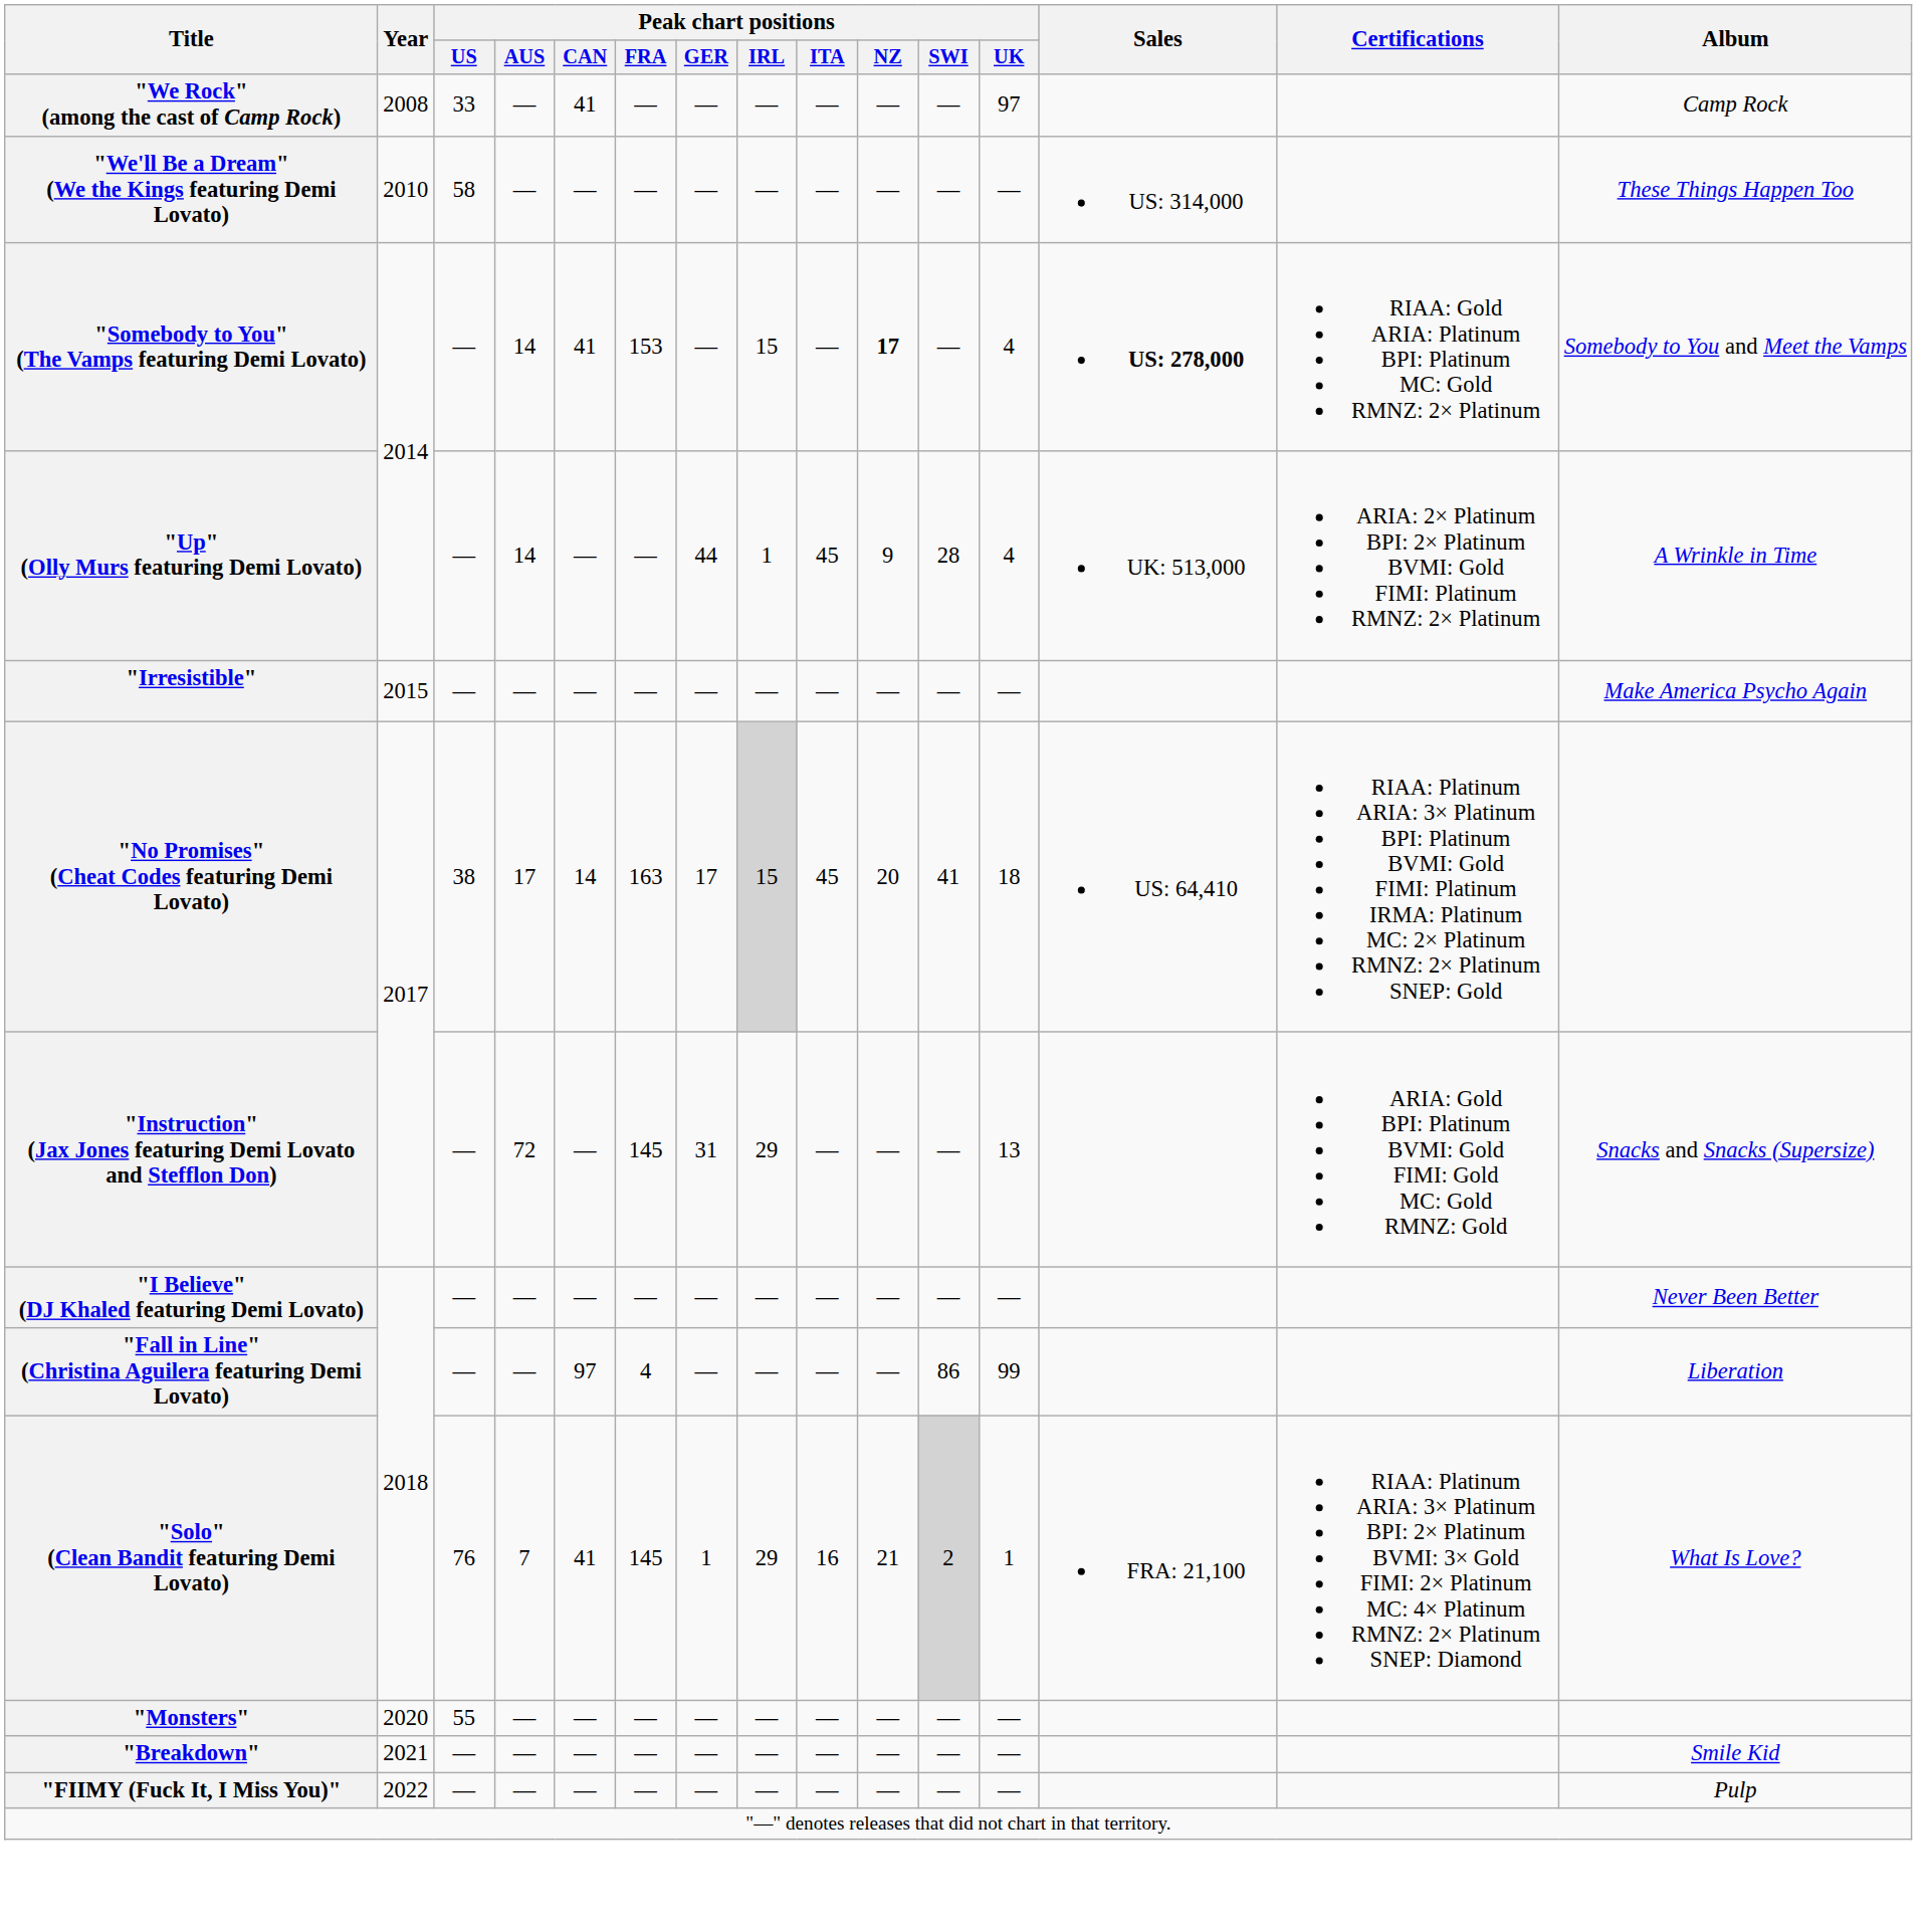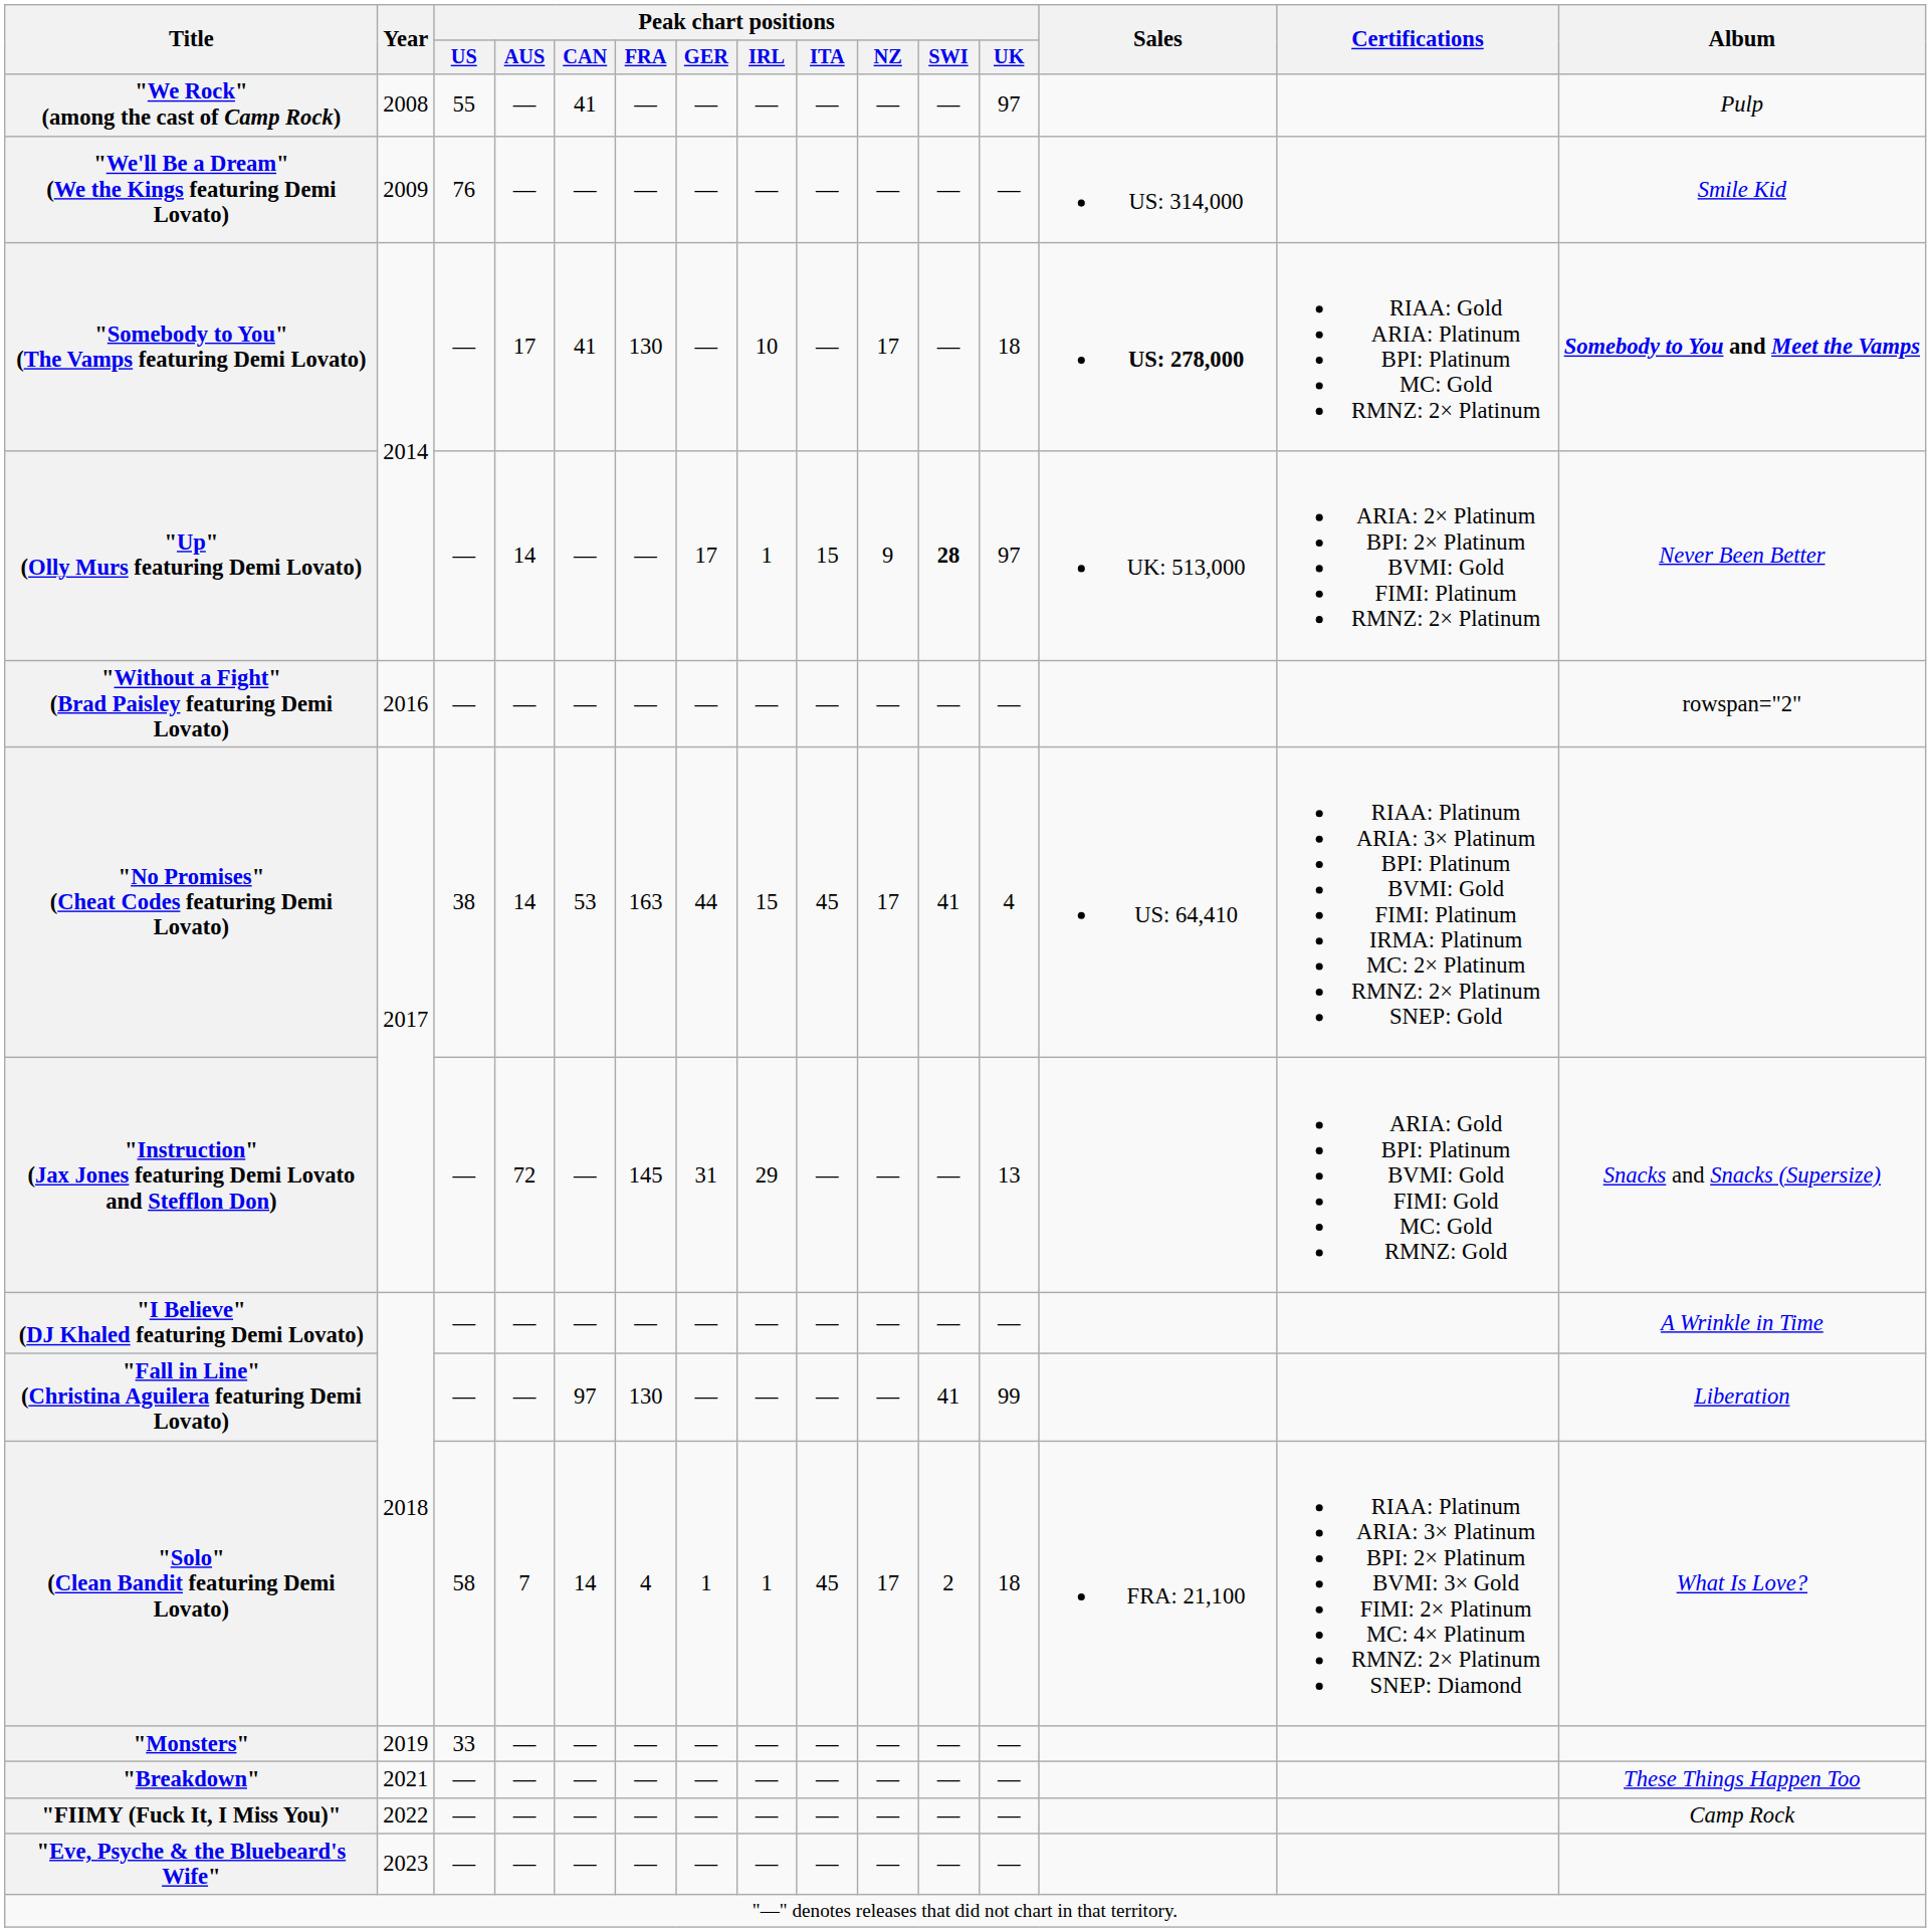 <table class="wikitable plainrowheaders" style="text-align:center;">
 <tr>
 <th scope="col" rowspan="2" style="width:16em;">Title</th>
 <th scope="col" rowspan="2" style="width:1em;">Year</th>
 <th scope="col" colspan="10">Peak chart positions</th>
 <th scope="col" rowspan="2" style="width:10em;">Sales</th>
 <th scope="col" rowspan="2" style="width:12em;"><a href='#'>Certifications</a></th>
 <th scope="col" rowspan="2">Album</th>
 </tr>
 <tr>
 <th scope="col" style="width:2.5em;font-size:90%;"><a href='#'>US</a><br></th>
 <th scope="col" style="width:2.5em;font-size:90%;"><a href='#'>AUS</a><br></th>
 <th scope="col" style="width:2.5em;font-size:90%;"><a href='#'>CAN</a><br></th>
 <th scope="col" style="width:2.5em;font-size:90%;"><a href='#'>FRA</a><br></th>
 <th scope="col" style="width:2.5em;font-size:90%;"><a href='#'>GER</a><br></th>
 <th scope="col" style="width:2.5em;font-size:90%;"><a href='#'>IRL</a><br></th>
 <th scope="col" style="width:2.5em;font-size:90%;"><a href='#'>ITA</a><br></th>
 <th scope="col" style="width:2.5em;font-size:90%;"><a href='#'>NZ</a><br></th>
 <th scope="col" style="width:2.5em;font-size:90%;"><a href='#'>SWI</a><br></th>
 <th scope="col" style="width:2.5em;font-size:90%;"><a href='#'>UK</a><br></th>
 </tr>
 <tr>
 <th scope="row">"<a href='#'>We Rock</a>"<br><span>(among the cast of <em>Camp Rock</em>)</span></th>
 <td>2008</td>
-<td>33</td>
+<td>55</td>
 <td>—</td>
 <td>41</td>
 <td>—</td>
 <td>—</td>
 <td>—</td>
 <td>—</td>
 <td>—</td>
 <td>—</td>
 <td>97</td>
 <td></td>
 <td></td>
-<td><em>Camp Rock</em></td>
+<td><em>Pulp</em></td>
 </tr>
 <tr>
 <th scope="row">"<a href='#'>We'll Be a Dream</a>"<br><span>(<a href='#'>We the Kings</a> featuring Demi Lovato)</span></th>
-<td>2010</td>
-<td>58</td>
+<td>2009</td>
+<td>76</td>
 <td>—</td>
 <td>—</td>
 <td>—</td>
 <td>—</td>
 <td>—</td>
 <td>—</td>
 <td>—</td>
 <td>—</td>
 <td>—</td>
 <td><br><ul><li>US: 314,000</li></ul></td>
 <td></td>
-<td><em><a href='#'>These Things Happen Too</a></em></td>
+<td><em><a href='#'>Smile Kid</a></em></td>
 </tr>
 <tr>
 <th scope="row">"<a href='#'>Somebody to You</a>"<br><span>(<a href='#'>The Vamps</a> featuring Demi Lovato)</span></th>
 <td rowspan="2">2014</td>
 <td>—</td>
-<td>14</td>
+<td>17</td>
 <td>41</td>
-<td>153</td>
+<td>130</td>
 <td>—</td>
-<td>15</td>
+<td>10</td>
 <td>—</td>
-<td><strong>17</strong></td>
+<td>17</td>
 <td>—</td>
-<td>4</td>
+<td>18</td>
 <td><strong><br><ul><li>US: 278,000</li></ul></strong></td>
 <td><br><ul><li>RIAA: Gold</li><li>ARIA: Platinum</li><li>BPI: Platinum</li><li>MC: Gold</li><li>RMNZ: 2× Platinum</li></ul></td>
-<td><em><a href='#'>Somebody to You</a></em> and <em><a href='#'>Meet the Vamps</a></em></td>
+<td><strong><em><a href='#'>Somebody to You</a></em> and <em><a href='#'>Meet the Vamps</a></em></strong></td>
 </tr>
 <tr>
 <th scope="row">"<a href='#'>Up</a>"<br> <span>(<a href='#'>Olly Murs</a> featuring Demi Lovato)</span></th>
 <td>—</td>
 <td>14</td>
 <td>—</td>
 <td>—</td>
-<td>44</td>
+<td>17</td>
 <td>1</td>
-<td>45</td>
+<td>15</td>
 <td>9</td>
-<td>28</td>
-<td>4</td>
+<td><strong>28</strong></td>
+<td>97</td>
 <td><br><ul><li>UK: 513,000</li></ul></td>
 <td><br><ul><li>ARIA: 2× Platinum</li><li>BPI: 2× Platinum</li><li>BVMI: Gold</li><li>FIMI: Platinum</li><li>RMNZ: 2× Platinum</li></ul></td>
-<td><em><a href='#'>A Wrinkle in Time</a></em></td>
+<td><em><a href='#'>Never Been Better</a></em></td>
 </tr>
 <tr>
-<th scope="row">"<a href='#'>Irresistible</a>"<br><br></th>
-<td>2015</td>
+<th scope="row">"<a href='#'>Without a Fight</a>" <br><span>(<a href='#'>Brad Paisley</a> featuring Demi Lovato)</span></th>
+<td>2016</td>
 <td>—</td>
 <td>—</td>
 <td>—</td>
 <td>—</td>
 <td>—</td>
 <td>—</td>
 <td>—</td>
 <td>—</td>
 <td>—</td>
 <td>—</td>
 <td></td>
 <td></td>
-<td><em><a href='#'>Make America Psycho Again</a></em></td>
+<td>rowspan="2" </td>
 </tr>
 <tr>
 <th scope="row">"<a href='#'>No Promises</a>" <br><span>(<a href='#'>Cheat Codes</a> featuring Demi Lovato)</span></th>
 <td rowspan="2">2017</td>
 <td>38</td>
+<td>14</td>
+<td>53</td>
+<td>163</td>
+<td>44</td>
+<td>15</td>
+<td>45</td>
 <td>17</td>
-<td>14</td>
-<td>163</td>
-<td>17</td>
-<td style="background: lightgrey;">15</td>
-<td>45</td>
-<td>20</td>
 <td>41</td>
-<td>18</td>
+<td>4</td>
 <td><br><ul><li>US: 64,410</li></ul></td>
 <td><br><ul><li>RIAA: Platinum</li><li>ARIA: 3× Platinum</li><li>BPI: Platinum</li><li>BVMI: Gold</li><li>FIMI: Platinum</li><li>IRMA: Platinum</li><li>MC: 2× Platinum</li><li>RMNZ: 2× Platinum</li><li>SNEP: Gold</li></ul></td>
 </tr>
 <tr>
 <th scope="row">"<a href='#'>Instruction</a>"<br><span>(<a href='#'>Jax Jones</a> featuring Demi Lovato and <a href='#'>Stefflon Don</a>)</span></th>
 <td>—</td>
 <td>72</td>
 <td>—</td>
 <td>145</td>
 <td>31</td>
 <td>29</td>
 <td>—</td>
 <td>—</td>
 <td>—</td>
 <td>13</td>
 <td></td>
 <td><br><ul><li>ARIA: Gold</li><li>BPI: Platinum</li><li>BVMI: Gold</li><li>FIMI: Gold</li><li>MC: Gold</li><li>RMNZ: Gold</li></ul></td>
 <td><em><a href='#'>Snacks</a></em> and <em><a href='#'>Snacks (Supersize)</a></em></td>
 </tr>
 <tr>
 <th scope="row">"<a href='#'>I Believe</a>"<br><span>(<a href='#'>DJ Khaled</a> featuring Demi Lovato)</span></th>
 <td rowspan="3">2018</td>
 <td>—</td>
 <td>—</td>
 <td>—</td>
 <td>—</td>
 <td>—</td>
 <td>—</td>
 <td>—</td>
 <td>—</td>
 <td>—</td>
 <td>—</td>
 <td></td>
 <td></td>
-<td><em><a href='#'>Never Been Better</a></em></td>
+<td><em><a href='#'>A Wrinkle in Time</a></em></td>
 </tr>
 <tr>
 <th scope="row">"<a href='#'>Fall in Line</a>"<br><span>(<a href='#'>Christina Aguilera</a> featuring Demi Lovato)</span></th>
 <td>—</td>
 <td>—</td>
 <td>97</td>
-<td>4</td>
+<td>130</td>
 <td>—</td>
 <td>—</td>
 <td>—</td>
 <td>—</td>
-<td>86</td>
+<td>41</td>
 <td>99</td>
 <td></td>
 <td></td>
 <td><em><a href='#'>Liberation</a></em></td>
 </tr>
 <tr>
 <th scope="row">"<a href='#'>Solo</a>"<br><span>(<a href='#'>Clean Bandit</a> featuring Demi Lovato)</span></th>
-<td>76</td>
+<td>58</td>
 <td>7</td>
-<td>41</td>
-<td>145</td>
+<td>14</td>
+<td>4</td>
 <td>1</td>
-<td>29</td>
-<td>16</td>
-<td>21</td>
-<td style="background: lightgrey;">2</td>
 <td>1</td>
+<td>45</td>
+<td>17</td>
+<td>2</td>
+<td>18</td>
 <td><br><ul><li>FRA: 21,100</li></ul></td>
 <td><br><ul><li>RIAA: Platinum</li><li>ARIA: 3× Platinum</li><li>BPI: 2× Platinum</li><li>BVMI: 3× Gold</li><li>FIMI: 2× Platinum</li><li>MC: 4× Platinum</li><li>RMNZ: 2× Platinum</li><li>SNEP: Diamond</li></ul></td>
 <td><em><a href='#'>What Is Love?</a></em></td>
 </tr>
 <tr>
 <th scope="row">"<a href='#'>Monsters</a>" </th>
-<td>2020</td>
-<td>55</td>
+<td>2019</td>
+<td>33</td>
 <td>—</td>
 <td>—</td>
 <td>—</td>
 <td>—</td>
 <td>—</td>
 <td>—</td>
 <td>—</td>
 <td>—</td>
 <td>—</td>
 <td></td>
 <td></td>
 <td></td>
 </tr>
 <tr>
 <th scope="row">"<a href='#'>Breakdown</a>"<br></th>
 <td>2021</td>
 <td>—</td>
 <td>—</td>
 <td>—</td>
 <td>—</td>
 <td>—</td>
 <td>—</td>
 <td>—</td>
 <td>—</td>
 <td>—</td>
 <td>—</td>
 <td></td>
 <td></td>
-<td><em><a href='#'>Smile Kid</a></em></td>
+<td><em><a href='#'>These Things Happen Too</a></em></td>
 </tr>
 <tr>
 <th scope="row">"FIIMY (Fuck It, I Miss You)"<br></th>
 <td>2022</td>
 <td>—</td>
 <td>—</td>
 <td>—</td>
 <td>—</td>
 <td>—</td>
 <td>—</td>
 <td>—</td>
 <td>—</td>
 <td>—</td>
 <td>—</td>
 <td></td>
 <td></td>
-<td><em>Pulp</em></td>
+<td><em>Camp Rock</em></td>
+</tr>
+<tr>
+<th scope="row">"<a href='#'>Eve, Psyche & the Bluebeard's Wife</a>"<br></th>
+<td>2023</td>
+<td>—</td>
+<td>—</td>
+<td>—</td>
+<td>—</td>
+<td>—</td>
+<td>—</td>
+<td>—</td>
+<td>—</td>
+<td>—</td>
+<td>—</td>
+<td></td>
+<td></td>
+<td></td>
 </tr>
 <tr>
 <td colspan="15" style="text-align:center; font-size:85%">"—" denotes releases that did not chart in that territory.</td>
 </tr>
 </table>
